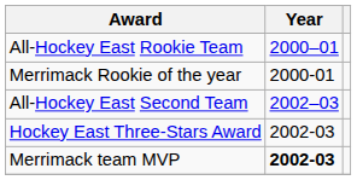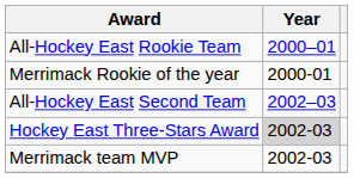 <table class="wikitable">
 <tr>
 <th>Award</th>
 <th>Year</th>
 <th></th>
 </tr>
 <tr>
 <td>All-<a href='#'>Hockey East</a> <a href='#'>Rookie Team</a></td>
 <td><a href='#'>2000–01</a></td>
 <td></td>
 </tr>
 <tr>
 <td>Merrimack Rookie of the year</td>
 <td>2000-01</td>
 <td></td>
 </tr>
 <tr>
 <td>All-<a href='#'>Hockey East</a> <a href='#'>Second Team</a></td>
 <td><a href='#'>2002–03</a></td>
 <td></td>
 </tr>
 <tr>
 <td><a href='#'>Hockey East Three-Stars Award</a></td>
-<td>2002-03</td>
+<td style="background: lightgrey;">2002-03</td>
 <td></td>
 </tr>
 <tr>
 <td>Merrimack team MVP</td>
-<td><strong>2002-03</strong></td>
+<td>2002-03</td>
 <td></td>
 </tr>
 <tr>
 </tr>
 </table>
